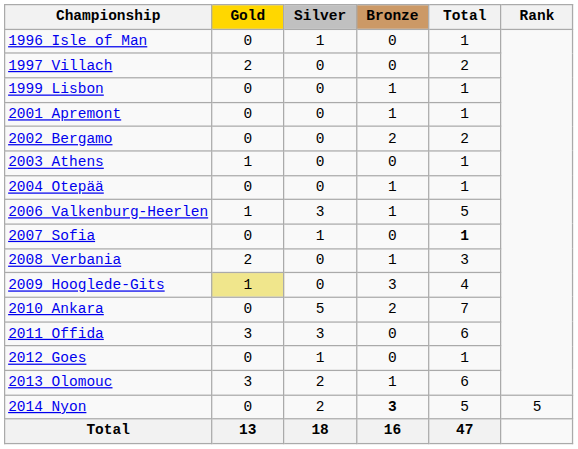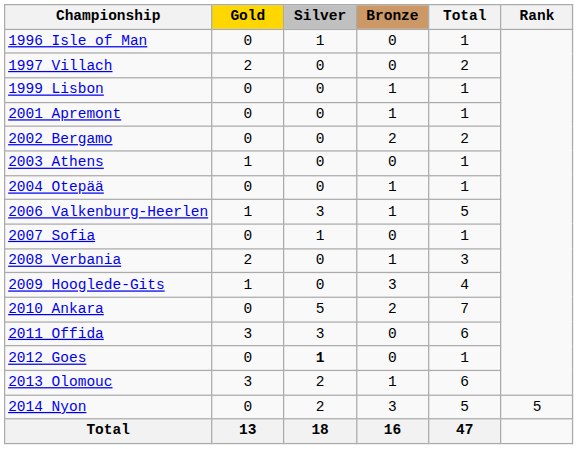 <table class="wikitable sortable" border="1" style="text-align:center; font-size:90%;">
 <tr>
 <th style="width:15:em;">Championship</th>
 <td style="background:gold; width:4.5em; font-weight:bold;">Gold</td>
 <td style="background:silver; width:4.5em; font-weight:bold;">Silver</td>
 <td style="background:#cc9966; width:4.5em; font-weight:bold;">Bronze</td>
 <th style="width:4.5em;">Total</th>
 <th style="width:4.5em;">Rank</th>
 </tr>
 <tr>
 <td align=left> <a href='#'>1996 Isle of Man</a></td>
 <td>0</td>
 <td>1</td>
 <td>0</td>
 <td>1</td>
 </tr>
 <tr>
 <td align=left> <a href='#'>1997 Villach</a></td>
 <td>2</td>
 <td>0</td>
 <td>0</td>
 <td>2</td>
 </tr>
 <tr>
 <td align=left> <a href='#'>1999 Lisbon</a></td>
 <td>0</td>
 <td>0</td>
 <td>1</td>
 <td>1</td>
 </tr>
 <tr>
 <td align=left> <a href='#'>2001 Apremont</a></td>
 <td>0</td>
 <td>0</td>
 <td>1</td>
 <td>1</td>
 </tr>
 <tr>
 <td align=left> <a href='#'>2002 Bergamo</a></td>
 <td>0</td>
 <td>0</td>
 <td>2</td>
 <td>2</td>
 </tr>
 <tr>
 <td align=left> <a href='#'>2003 Athens</a></td>
 <td>1</td>
 <td>0</td>
 <td>0</td>
 <td>1</td>
 </tr>
 <tr>
 <td align=left> <a href='#'>2004 Otepää</a></td>
 <td>0</td>
 <td>0</td>
 <td>1</td>
 <td>1</td>
 </tr>
 <tr>
 <td align=left> <a href='#'>2006 Valkenburg-Heerlen</a></td>
 <td>1</td>
 <td>3</td>
 <td>1</td>
 <td>5</td>
 </tr>
 <tr>
 <td align=left> <a href='#'>2007 Sofia</a></td>
 <td>0</td>
 <td>1</td>
 <td>0</td>
-<td><strong>1</strong></td>
+<td>1</td>
 </tr>
 <tr>
 <td align=left> <a href='#'>2008 Verbania</a></td>
 <td>2</td>
 <td>0</td>
 <td>1</td>
 <td>3</td>
 </tr>
 <tr>
 <td align=left> <a href='#'>2009 Hooglede-Gits</a></td>
-<td style="background: khaki;">1</td>
+<td>1</td>
 <td>0</td>
 <td>3</td>
 <td>4</td>
 </tr>
 <tr>
 <td align=left> <a href='#'>2010 Ankara</a></td>
 <td>0</td>
 <td>5</td>
 <td>2</td>
 <td>7</td>
 </tr>
 <tr>
 <td align=left> <a href='#'>2011 Offida</a></td>
 <td>3</td>
 <td>3</td>
 <td>0</td>
 <td>6</td>
 </tr>
 <tr>
 <td align=left> <a href='#'>2012 Goes</a></td>
 <td>0</td>
-<td>1</td>
+<td><strong>1</strong></td>
 <td>0</td>
 <td>1</td>
 </tr>
 <tr>
 <td align=left> <a href='#'>2013 Olomouc</a></td>
 <td>3</td>
 <td>2</td>
 <td>1</td>
 <td>6</td>
 </tr>
 <tr>
 <td align=left> <a href='#'>2014 Nyon</a></td>
 <td>0</td>
 <td>2</td>
-<td><strong>3</strong></td>
+<td>3</td>
 <td>5</td>
 <td>5</td>
 </tr>
 <tr>
 <th>Total</th>
 <th>13</th>
 <th>18</th>
 <th>16</th>
 <th>47</th>
 </tr>
 </table>
